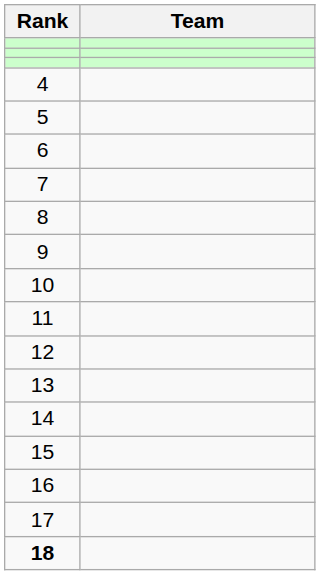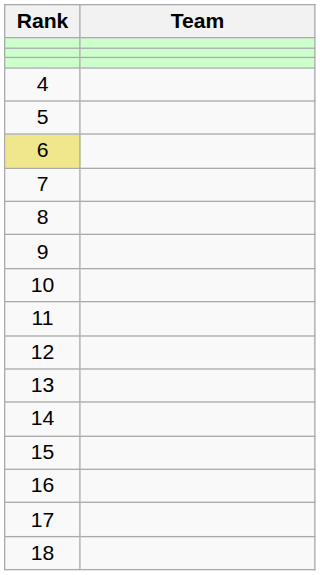 <table class="wikitable" style="text-align: center">
 <tr>
 <th width=50>Rank</th>
 <th width=170>Team</th>
 </tr>
 <tr bgcolor=#ccffcc>
 <td></td>
 <td align=left></td>
 </tr>
 <tr bgcolor=#ccffcc>
 <td></td>
 <td align=left></td>
 </tr>
 <tr bgcolor=#ccffcc>
 <td></td>
 <td align=left></td>
 </tr>
 <tr>
 <td>4</td>
 <td align=left></td>
 </tr>
 <tr>
 <td>5</td>
 <td align=left></td>
 </tr>
 <tr>
-<td>6</td>
+<td style="background: khaki;">6</td>
 <td align=left></td>
 </tr>
 <tr>
 <td>7</td>
 <td align=left></td>
 </tr>
 <tr>
 <td>8</td>
 <td align=left></td>
 </tr>
 <tr>
 <td>9</td>
 <td align=left></td>
 </tr>
 <tr>
 <td>10</td>
 <td align=left></td>
 </tr>
 <tr>
 <td>11</td>
 <td align=left></td>
 </tr>
 <tr>
 <td>12</td>
 <td align=left></td>
 </tr>
 <tr>
 <td>13</td>
 <td align=left></td>
 </tr>
 <tr>
 <td>14</td>
 <td align=left></td>
 </tr>
 <tr>
 <td>15</td>
 <td align=left></td>
 </tr>
 <tr>
 <td>16</td>
 <td align=left></td>
 </tr>
 <tr>
 <td>17</td>
 <td align=left></td>
 </tr>
 <tr>
-<td><strong>18</strong></td>
+<td>18</td>
 <td align=left></td>
 </tr>
 </table>
